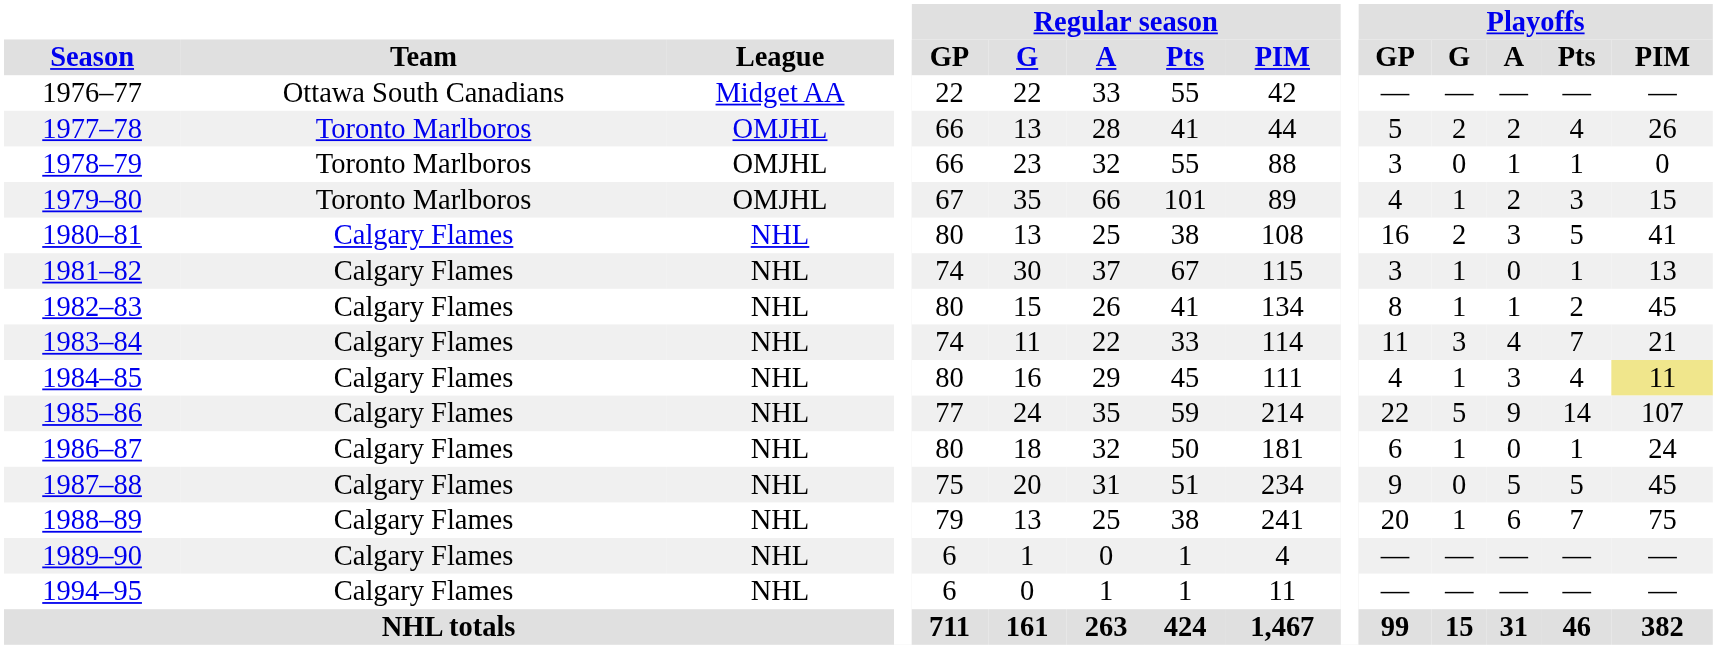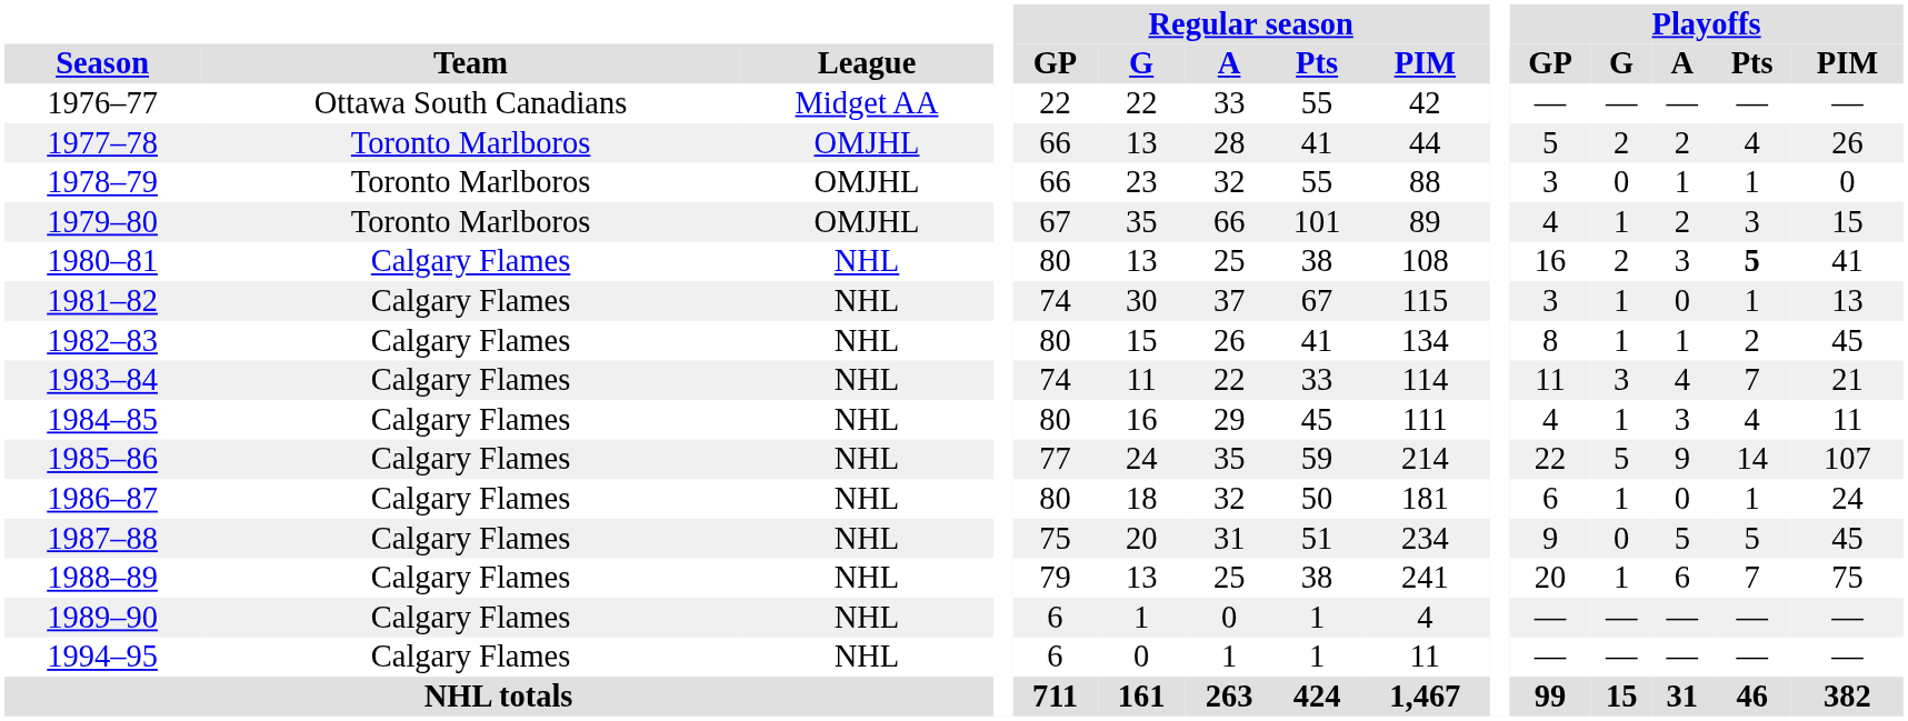 <table border="0" cellpadding="1" cellspacing="0" style="text-align:center; width:60em">
 <tr style="background:#e0e0e0;">
 <th colspan="3" style="background:#fff;"> </th>
 <th rowspan="99" style="background:#fff;"> </th>
 <th colspan="5"><a href='#'>Regular season</a></th>
 <th rowspan="99" style="background:#fff;"> </th>
 <th colspan="5"><a href='#'>Playoffs</a></th>
 </tr>
 <tr style="background:#e0e0e0;">
 <th><a href='#'>Season</a></th>
 <th>Team</th>
 <th>League</th>
 <th>GP</th>
 <th><a href='#'>G</a></th>
 <th><a href='#'>A</a></th>
 <th><a href='#'>Pts</a></th>
 <th><a href='#'>PIM</a></th>
 <th>GP</th>
 <th>G</th>
 <th>A</th>
 <th>Pts</th>
 <th>PIM</th>
 </tr>
 <tr>
 <td>1976–77</td>
 <td>Ottawa South Canadians</td>
 <td><a href='#'>Midget AA</a></td>
 <td>22</td>
 <td>22</td>
 <td>33</td>
 <td>55</td>
 <td>42</td>
 <td>—</td>
 <td>—</td>
 <td>—</td>
 <td>—</td>
 <td>—</td>
 </tr>
 <tr style="background:#f0f0f0;">
 <td><a href='#'>1977–78</a></td>
 <td><a href='#'>Toronto Marlboros</a></td>
 <td><a href='#'>OMJHL</a></td>
 <td>66</td>
 <td>13</td>
 <td>28</td>
 <td>41</td>
 <td>44</td>
 <td>5</td>
 <td>2</td>
 <td>2</td>
 <td>4</td>
 <td>26</td>
 </tr>
 <tr>
 <td><a href='#'>1978–79</a></td>
 <td>Toronto Marlboros</td>
 <td>OMJHL</td>
 <td>66</td>
 <td>23</td>
 <td>32</td>
 <td>55</td>
 <td>88</td>
 <td>3</td>
 <td>0</td>
 <td>1</td>
 <td>1</td>
 <td>0</td>
 </tr>
 <tr style="background:#f0f0f0;">
 <td><a href='#'>1979–80</a></td>
 <td>Toronto Marlboros</td>
 <td>OMJHL</td>
 <td>67</td>
 <td>35</td>
 <td>66</td>
 <td>101</td>
 <td>89</td>
 <td>4</td>
 <td>1</td>
 <td>2</td>
 <td>3</td>
 <td>15</td>
 </tr>
 <tr>
 <td><a href='#'>1980–81</a></td>
 <td><a href='#'>Calgary Flames</a></td>
 <td><a href='#'>NHL</a></td>
 <td>80</td>
 <td>13</td>
 <td>25</td>
 <td>38</td>
 <td>108</td>
 <td>16</td>
 <td>2</td>
 <td>3</td>
-<td>5</td>
+<td><strong>5</strong></td>
 <td>41</td>
 </tr>
 <tr style="background:#f0f0f0;">
 <td><a href='#'>1981–82</a></td>
 <td>Calgary Flames</td>
 <td>NHL</td>
 <td>74</td>
 <td>30</td>
 <td>37</td>
 <td>67</td>
 <td>115</td>
 <td>3</td>
 <td>1</td>
 <td>0</td>
 <td>1</td>
 <td>13</td>
 </tr>
 <tr>
 <td><a href='#'>1982–83</a></td>
 <td>Calgary Flames</td>
 <td>NHL</td>
 <td>80</td>
 <td>15</td>
 <td>26</td>
 <td>41</td>
 <td>134</td>
 <td>8</td>
 <td>1</td>
 <td>1</td>
 <td>2</td>
 <td>45</td>
 </tr>
 <tr style="background:#f0f0f0;">
 <td><a href='#'>1983–84</a></td>
 <td>Calgary Flames</td>
 <td>NHL</td>
 <td>74</td>
 <td>11</td>
 <td>22</td>
 <td>33</td>
 <td>114</td>
 <td>11</td>
 <td>3</td>
 <td>4</td>
 <td>7</td>
 <td>21</td>
 </tr>
 <tr>
 <td><a href='#'>1984–85</a></td>
 <td>Calgary Flames</td>
 <td>NHL</td>
 <td>80</td>
 <td>16</td>
 <td>29</td>
 <td>45</td>
 <td>111</td>
 <td>4</td>
 <td>1</td>
 <td>3</td>
 <td>4</td>
-<td style="background: khaki;">11</td>
+<td>11</td>
 </tr>
 <tr style="background:#f0f0f0;">
 <td><a href='#'>1985–86</a></td>
 <td>Calgary Flames</td>
 <td>NHL</td>
 <td>77</td>
 <td>24</td>
 <td>35</td>
 <td>59</td>
 <td>214</td>
 <td>22</td>
 <td>5</td>
 <td>9</td>
 <td>14</td>
 <td>107</td>
 </tr>
 <tr>
 <td><a href='#'>1986–87</a></td>
 <td>Calgary Flames</td>
 <td>NHL</td>
 <td>80</td>
 <td>18</td>
 <td>32</td>
 <td>50</td>
 <td>181</td>
 <td>6</td>
 <td>1</td>
 <td>0</td>
 <td>1</td>
 <td>24</td>
 </tr>
 <tr style="background:#f0f0f0;">
 <td><a href='#'>1987–88</a></td>
 <td>Calgary Flames</td>
 <td>NHL</td>
 <td>75</td>
 <td>20</td>
 <td>31</td>
 <td>51</td>
 <td>234</td>
 <td>9</td>
 <td>0</td>
 <td>5</td>
 <td>5</td>
 <td>45</td>
 </tr>
 <tr>
 <td><a href='#'>1988–89</a></td>
 <td>Calgary Flames</td>
 <td>NHL</td>
 <td>79</td>
 <td>13</td>
 <td>25</td>
 <td>38</td>
 <td>241</td>
 <td>20</td>
 <td>1</td>
 <td>6</td>
 <td>7</td>
 <td>75</td>
 </tr>
 <tr style="background:#f0f0f0;">
 <td><a href='#'>1989–90</a></td>
 <td>Calgary Flames</td>
 <td>NHL</td>
 <td>6</td>
 <td>1</td>
 <td>0</td>
 <td>1</td>
 <td>4</td>
 <td>—</td>
 <td>—</td>
 <td>—</td>
 <td>—</td>
 <td>—</td>
 </tr>
 <tr>
 <td><a href='#'>1994–95</a></td>
 <td>Calgary Flames</td>
 <td>NHL</td>
 <td>6</td>
 <td>0</td>
 <td>1</td>
 <td>1</td>
 <td>11</td>
 <td>—</td>
 <td>—</td>
 <td>—</td>
 <td>—</td>
 <td>—</td>
 </tr>
 <tr style="background:#e0e0e0;">
 <th colspan="3">NHL totals</th>
 <th>711</th>
 <th>161</th>
 <th>263</th>
 <th>424</th>
 <th>1,467</th>
 <th>99</th>
 <th>15</th>
 <th>31</th>
 <th>46</th>
 <th>382</th>
 </tr>
 </table>
